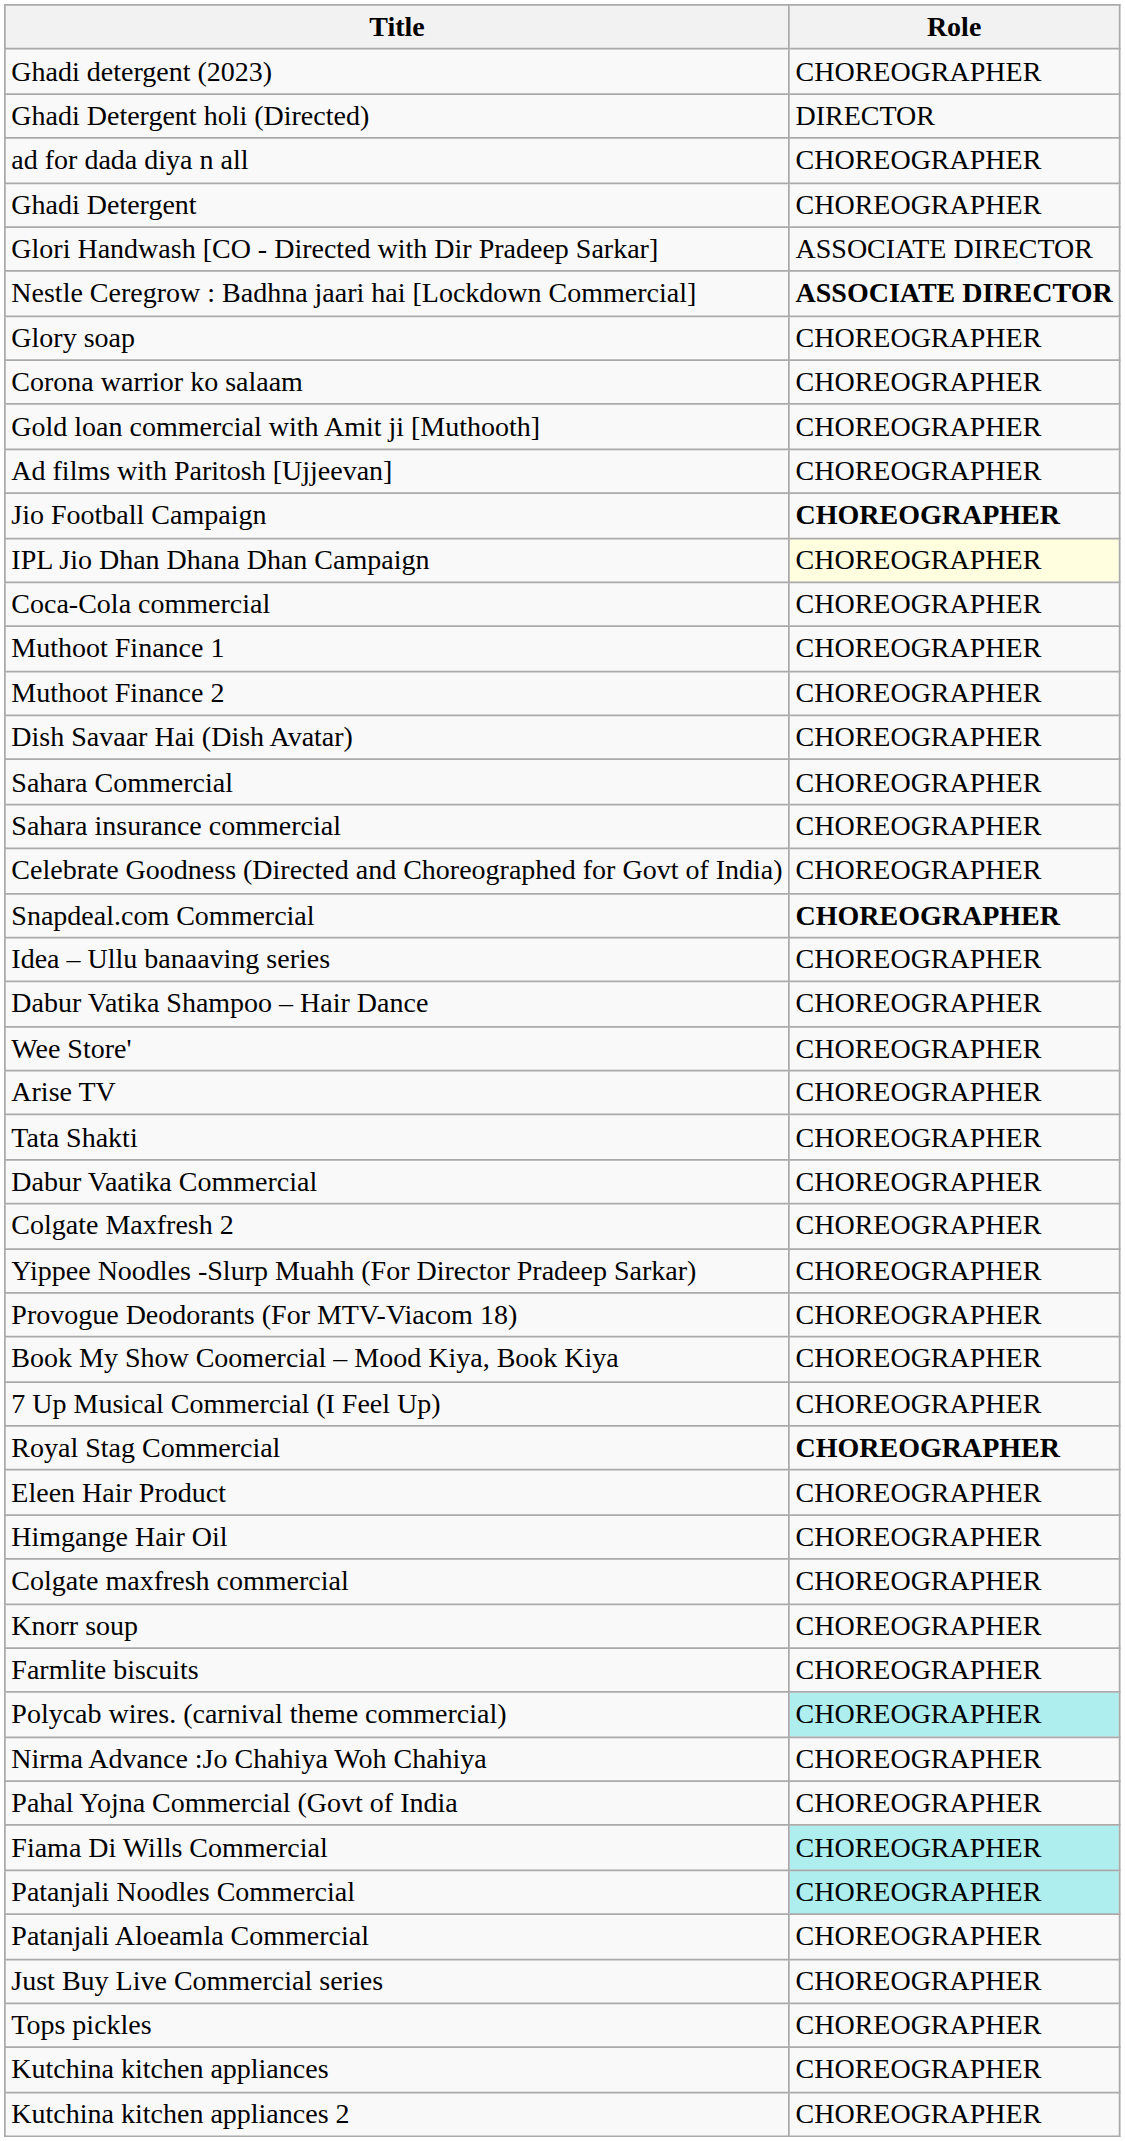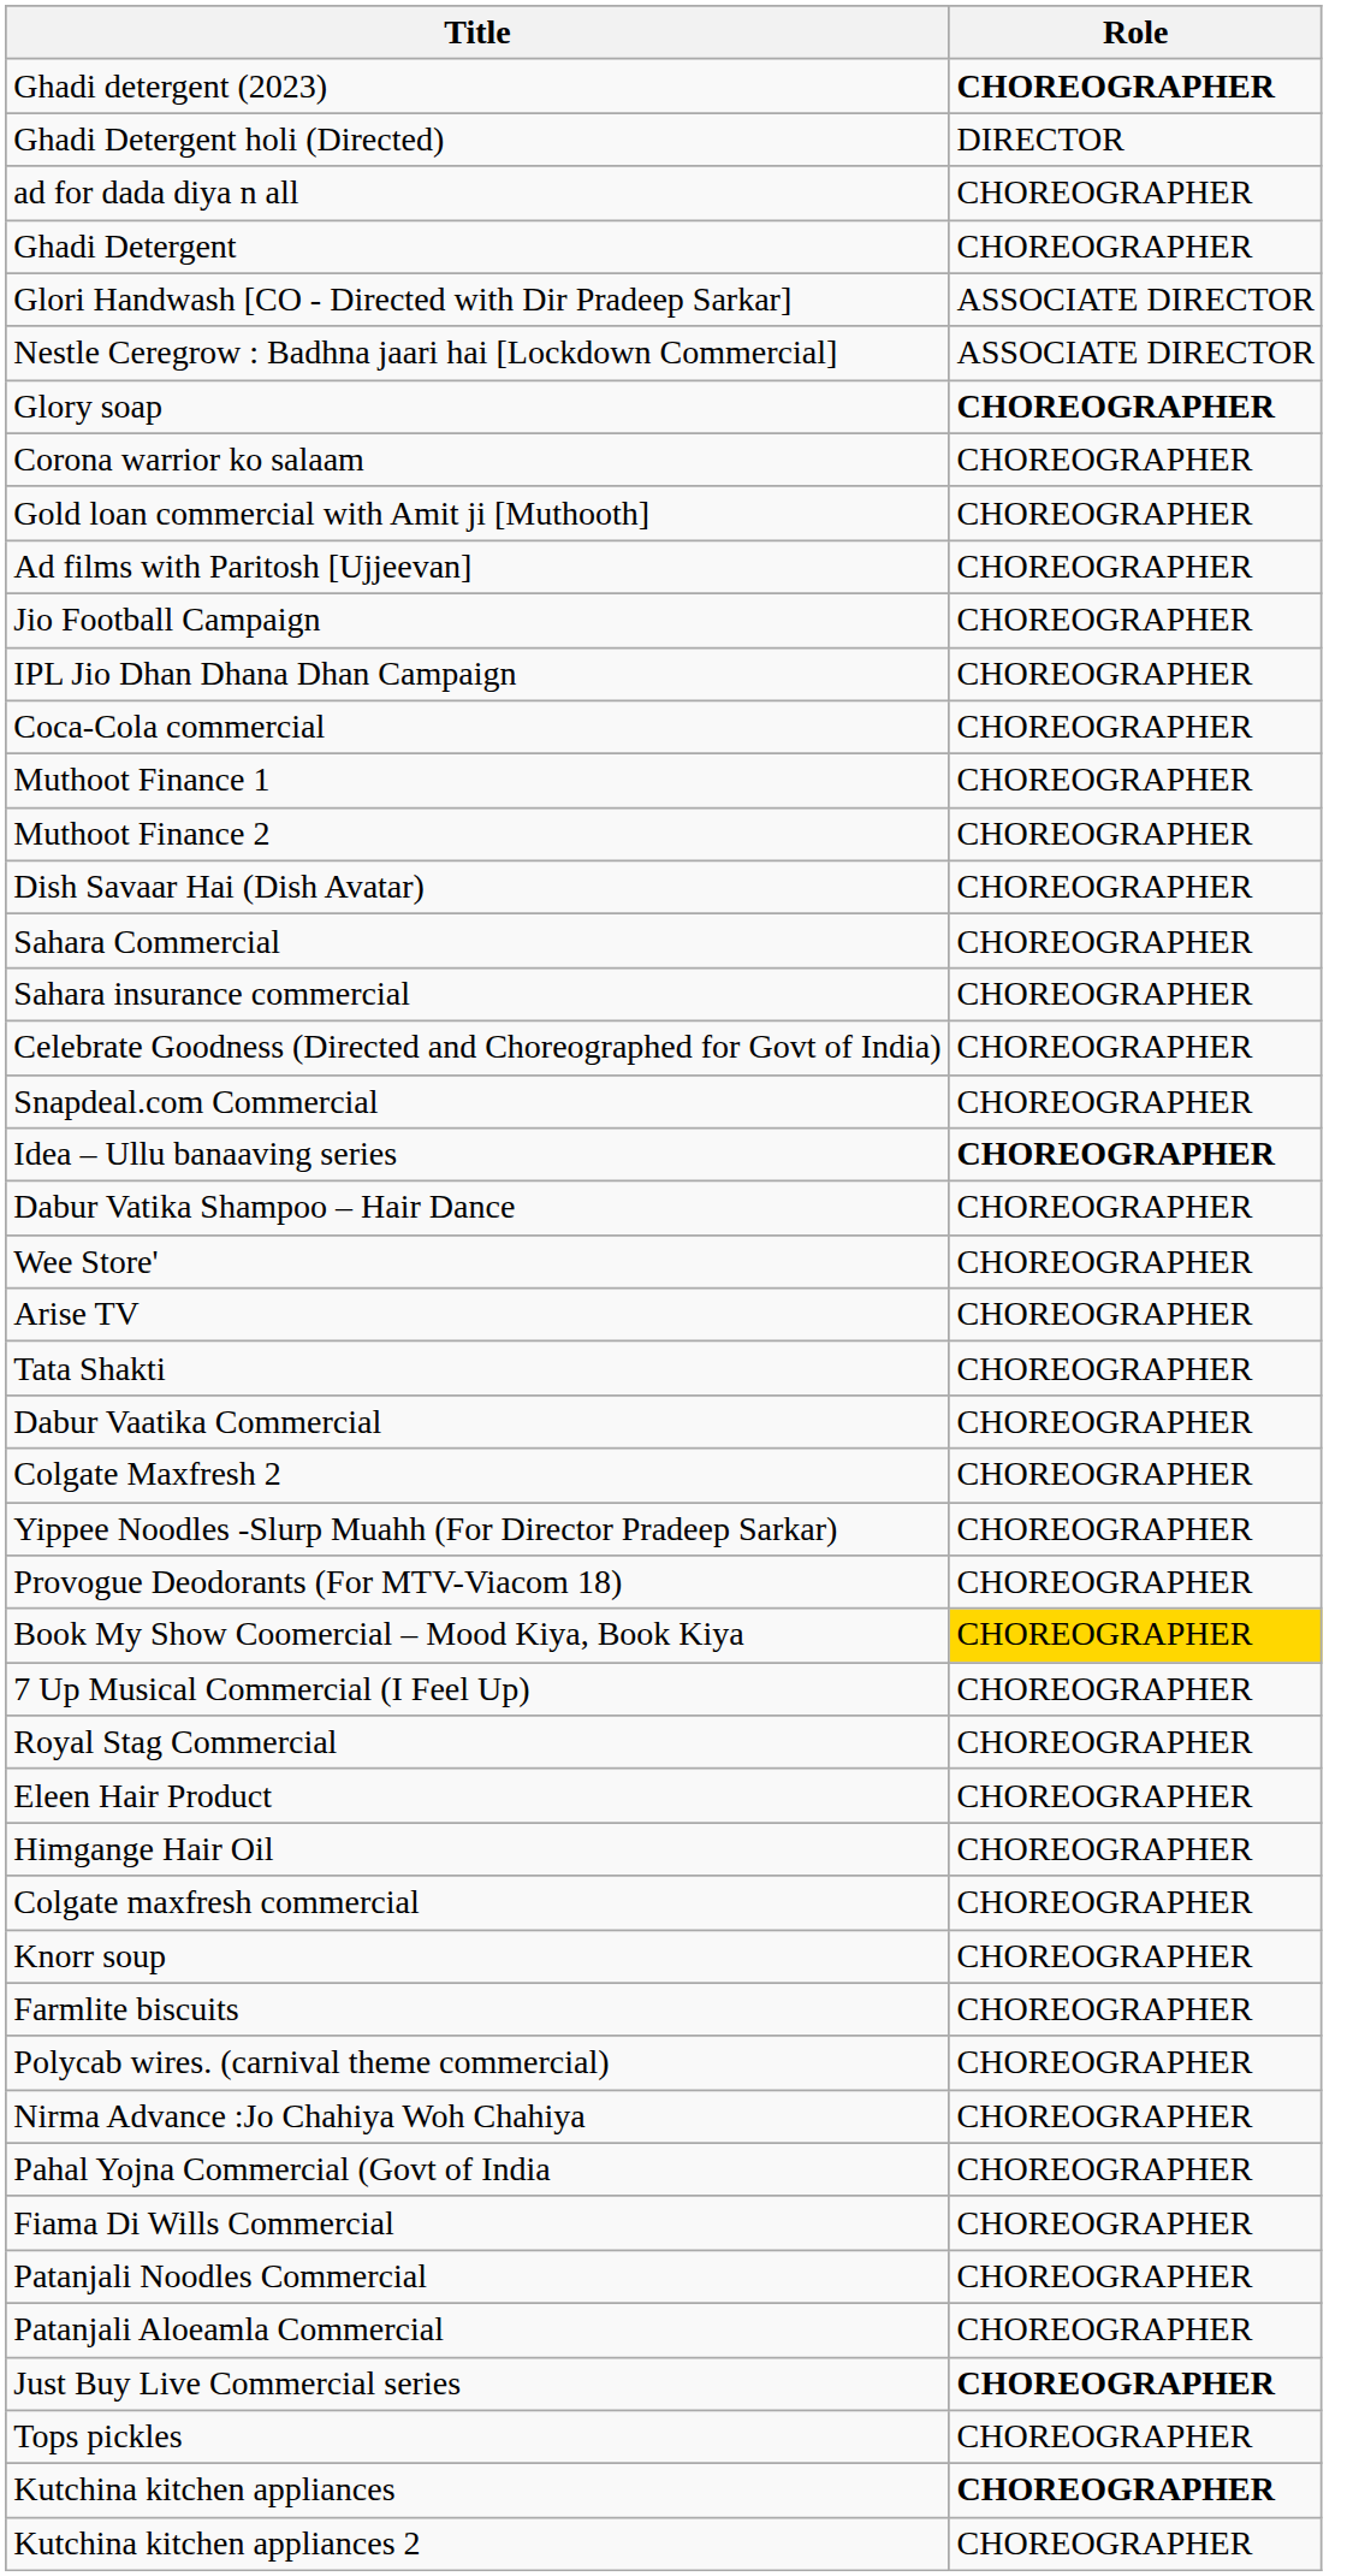 <table class="wikitable">
 <tr>
 <th>Title</th>
 <th>Role</th>
 </tr>
 <tr>
 <td>Ghadi detergent (2023)</td>
-<td>CHOREOGRAPHER</td>
+<td><strong>CHOREOGRAPHER</strong></td>
 </tr>
 <tr>
 <td>Ghadi Detergent holi (Directed)</td>
 <td>DIRECTOR</td>
 </tr>
 <tr>
 <td>ad for dada diya n all</td>
 <td>CHOREOGRAPHER</td>
 </tr>
 <tr>
 <td>Ghadi Detergent</td>
 <td>CHOREOGRAPHER</td>
 </tr>
 <tr>
 <td>Glori Handwash [CO - Directed with Dir Pradeep Sarkar]</td>
 <td>ASSOCIATE DIRECTOR</td>
 </tr>
 <tr>
 <td>Nestle Ceregrow : Badhna jaari hai [Lockdown Commercial]</td>
-<td><strong>ASSOCIATE DIRECTOR</strong></td>
+<td>ASSOCIATE DIRECTOR</td>
 </tr>
 <tr>
 <td>Glory soap</td>
-<td>CHOREOGRAPHER</td>
+<td><strong>CHOREOGRAPHER</strong></td>
 </tr>
 <tr>
 <td>Corona warrior ko salaam</td>
 <td>CHOREOGRAPHER</td>
 </tr>
 <tr>
 <td>Gold loan commercial with Amit ji [Muthooth]</td>
 <td>CHOREOGRAPHER</td>
 </tr>
 <tr>
 <td>Ad films with Paritosh [Ujjeevan]</td>
 <td>CHOREOGRAPHER</td>
 </tr>
 <tr>
 <td>Jio Football Campaign</td>
-<td><strong>CHOREOGRAPHER</strong></td>
+<td>CHOREOGRAPHER</td>
 </tr>
 <tr>
 <td>IPL Jio Dhan Dhana Dhan Campaign</td>
-<td style="background: lightyellow;">CHOREOGRAPHER</td>
+<td>CHOREOGRAPHER</td>
 </tr>
 <tr>
 <td>Coca-Cola commercial</td>
 <td>CHOREOGRAPHER</td>
 </tr>
 <tr>
 <td>Muthoot Finance 1</td>
 <td>CHOREOGRAPHER</td>
 </tr>
 <tr>
 <td>Muthoot Finance 2</td>
 <td>CHOREOGRAPHER</td>
 </tr>
 <tr>
 <td>Dish Savaar Hai (Dish Avatar)</td>
 <td>CHOREOGRAPHER</td>
 </tr>
 <tr>
 <td>Sahara Commercial</td>
 <td>CHOREOGRAPHER</td>
 </tr>
 <tr>
 <td>Sahara insurance commercial</td>
 <td>CHOREOGRAPHER</td>
 </tr>
 <tr>
 <td>Celebrate Goodness (Directed and Choreographed for Govt of India)</td>
 <td>CHOREOGRAPHER</td>
 </tr>
 <tr>
 <td>Snapdeal.com Commercial</td>
-<td><strong>CHOREOGRAPHER</strong></td>
+<td>CHOREOGRAPHER</td>
 </tr>
 <tr>
 <td>Idea – Ullu banaaving series</td>
-<td>CHOREOGRAPHER</td>
+<td><strong>CHOREOGRAPHER</strong></td>
 </tr>
 <tr>
 <td>Dabur Vatika Shampoo – Hair Dance</td>
 <td>CHOREOGRAPHER</td>
 </tr>
 <tr>
 <td>Wee Store'</td>
 <td>CHOREOGRAPHER</td>
 </tr>
 <tr>
 <td>Arise TV</td>
 <td>CHOREOGRAPHER</td>
 </tr>
 <tr>
 <td>Tata Shakti</td>
 <td>CHOREOGRAPHER</td>
 </tr>
 <tr>
 <td>Dabur Vaatika Commercial</td>
 <td>CHOREOGRAPHER</td>
 </tr>
 <tr>
 <td>Colgate Maxfresh 2</td>
 <td>CHOREOGRAPHER</td>
 </tr>
 <tr>
 <td>Yippee Noodles -Slurp Muahh (For Director Pradeep Sarkar)</td>
 <td>CHOREOGRAPHER</td>
 </tr>
 <tr>
 <td>Provogue Deodorants (For MTV-Viacom 18)</td>
 <td>CHOREOGRAPHER</td>
 </tr>
 <tr>
 <td>Book My Show Coomercial – Mood Kiya, Book Kiya</td>
-<td>CHOREOGRAPHER</td>
+<td style="background: gold;">CHOREOGRAPHER</td>
 </tr>
 <tr>
 <td>7 Up Musical Commercial (I Feel Up)</td>
 <td>CHOREOGRAPHER</td>
 </tr>
 <tr>
 <td>Royal Stag Commercial</td>
-<td><strong>CHOREOGRAPHER</strong></td>
+<td>CHOREOGRAPHER</td>
 </tr>
 <tr>
 <td>Eleen Hair Product</td>
 <td>CHOREOGRAPHER</td>
 </tr>
 <tr>
 <td>Himgange Hair Oil</td>
 <td>CHOREOGRAPHER</td>
 </tr>
 <tr>
 <td>Colgate maxfresh commercial</td>
 <td>CHOREOGRAPHER</td>
 </tr>
 <tr>
 <td>Knorr soup</td>
 <td>CHOREOGRAPHER</td>
 </tr>
 <tr>
 <td>Farmlite biscuits</td>
 <td>CHOREOGRAPHER</td>
 </tr>
 <tr>
 <td>Polycab wires. (carnival theme commercial)</td>
-<td style="background: paleturquoise;">CHOREOGRAPHER</td>
+<td>CHOREOGRAPHER</td>
 </tr>
 <tr>
 <td>Nirma Advance :Jo Chahiya Woh Chahiya</td>
 <td>CHOREOGRAPHER</td>
 </tr>
 <tr>
 <td>Pahal Yojna Commercial (Govt of India</td>
 <td>CHOREOGRAPHER</td>
 </tr>
 <tr>
 <td>Fiama Di Wills Commercial</td>
-<td style="background: paleturquoise;">CHOREOGRAPHER</td>
+<td>CHOREOGRAPHER</td>
 </tr>
 <tr>
 <td>Patanjali Noodles Commercial</td>
-<td style="background: paleturquoise;">CHOREOGRAPHER</td>
+<td>CHOREOGRAPHER</td>
 </tr>
 <tr>
 <td>Patanjali Aloeamla Commercial</td>
 <td>CHOREOGRAPHER</td>
 </tr>
 <tr>
 <td>Just Buy Live Commercial series</td>
-<td>CHOREOGRAPHER</td>
+<td><strong>CHOREOGRAPHER</strong></td>
 </tr>
 <tr>
 <td>Tops pickles</td>
 <td>CHOREOGRAPHER</td>
 </tr>
 <tr>
 <td>Kutchina kitchen appliances</td>
-<td>CHOREOGRAPHER</td>
+<td><strong>CHOREOGRAPHER</strong></td>
 </tr>
 <tr>
 <td>Kutchina kitchen appliances 2</td>
 <td>CHOREOGRAPHER</td>
 </tr>
 </table>
